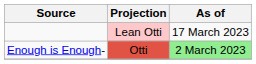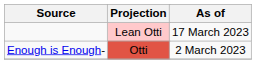 <table class="wikitable" style="text-align:center">
 <tr>
 <th>Source</th>
 <th colspan=2>Projection</th>
 <th>As of</th>
 </tr>
 <tr>
 <td align="left"></td>
 <td colspan=2 bgcolor=#ffc9cb>Lean Otti</td>
 <td>17 March 2023</td>
 </tr>
 <tr>
 <td align="left"><a href='#'>Enough is Enough</a>-<br></td>
 <td colspan=2 bgcolor=#e15445>Otti</td>
-<td style="background: lightgreen;">2 March 2023</td>
+<td>2 March 2023</td>
 </tr>
 <tr>
 </tr>
 </table>
